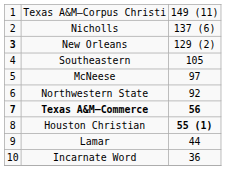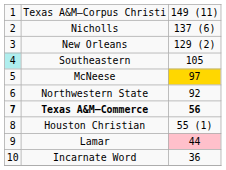 <table class="wikitable">
 <tr align="center">
 <td>1</td>
 <td>Texas A&M–Corpus Christi</td>
 <td>149 (11)</td>
 </tr>
 <tr align="center">
 <td>2</td>
 <td>Nicholls</td>
 <td>137 (6)</td>
 </tr>
 <tr align="center">
-<td><strong>3</strong></td>
+<td>3</td>
 <td>New Orleans</td>
 <td>129 (2)</td>
 </tr>
 <tr align="center">
-<td>4</td>
+<td style="background: paleturquoise;">4</td>
 <td>Southeastern</td>
 <td>105</td>
 </tr>
 <tr align="center">
 <td>5</td>
 <td>McNeese</td>
-<td>97</td>
+<td style="background: gold;">97</td>
 </tr>
 <tr align="center">
 <td>6</td>
 <td>Northwestern State</td>
 <td>92</td>
 </tr>
 <tr align="center">
 <td><strong>7</strong></td>
 <td><strong>Texas A&M–Commerce</strong></td>
 <td><strong>56</strong></td>
 </tr>
 <tr align="center">
 <td>8</td>
 <td>Houston Christian</td>
-<td><strong>55 (1)</strong></td>
+<td>55 (1)</td>
 </tr>
 <tr align="center">
 <td>9</td>
 <td>Lamar</td>
-<td>44</td>
+<td style="background: pink;">44</td>
 </tr>
 <tr align="center">
 <td>10</td>
 <td>Incarnate Word</td>
 <td>36</td>
 </tr>
 <tr align="center">
 </tr>
 </table>
